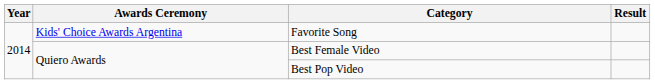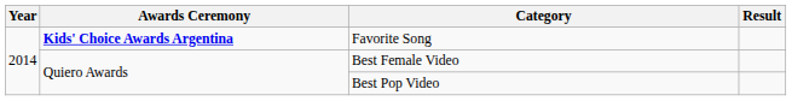 <table class="wikitable plainrowheaders" style="width:70%;">
 <tr>
 <th scope="col" style="width:4%;">Year</th>
 <th>Awards Ceremony</th>
 <th scope="col" style="width:50%;">Category</th>
 <th scope="col" style="width:6%;">Result</th>
 </tr>
 <tr>
 <td rowspan="3" style="text-align:center;">2014</td>
-<td><a href='#'>Kids' Choice Awards Argentina</a></td>
+<td><strong><a href='#'>Kids' Choice Awards Argentina</a></strong></td>
 <td>Favorite Song</td>
 <td></td>
 </tr>
 <tr>
 <td rowspan="2">Quiero Awards</td>
 <td>Best Female Video</td>
 <td></td>
 </tr>
 <tr>
 <td>Best Pop Video</td>
 <td></td>
 </tr>
 </table>
